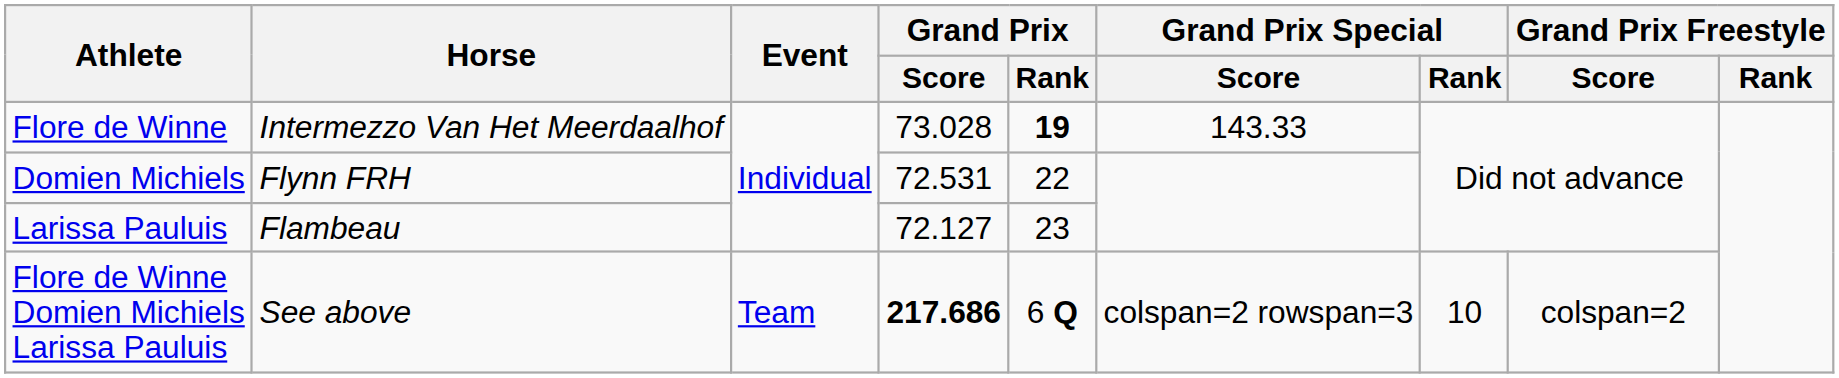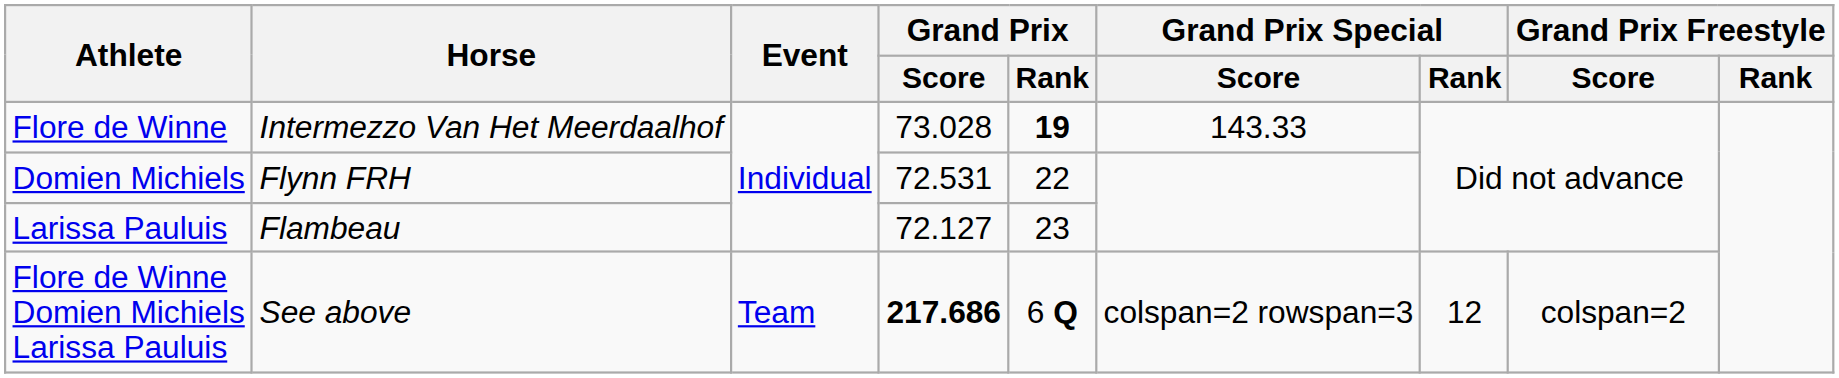 <table class=wikitable style="font-size:90%; text-align:center;">
 <tr>
 <th rowspan=2>Athlete</th>
 <th rowspan=2>Horse</th>
 <th rowspan=2>Event</th>
 <th colspan=2>Grand Prix</th>
 <th colspan=2>Grand Prix Special</th>
 <th colspan=2>Grand Prix Freestyle</th>
 </tr>
 <tr style=font-size:95%>
 <th>Score</th>
 <th>Rank</th>
 <th>Score</th>
 <th>Rank</th>
 <th>Score</th>
 <th>Rank</th>
 </tr>
 <tr>
 <td align=left><a href='#'>Flore de Winne</a></td>
 <td align=left><em>Intermezzo Van Het Meerdaalhof</em></td>
 <td rowspan=3 align=left><a href='#'>Individual</a></td>
 <td>73.028</td>
 <td><strong>19</strong></td>
 <td>143.33</td>
 <td rowspan=3 colspan=2>Did not advance</td>
 </tr>
 <tr>
 <td align=left><a href='#'>Domien Michiels</a></td>
 <td align=left><em>Flynn FRH</em></td>
 <td>72.531</td>
 <td>22</td>
 </tr>
 <tr>
 <td align=left><a href='#'>Larissa Pauluis</a></td>
 <td align=left><em>Flambeau</em></td>
 <td>72.127</td>
 <td>23</td>
 </tr>
 <tr>
 <td align=left><a href='#'>Flore de Winne</a><br><a href='#'>Domien Michiels</a><br><a href='#'>Larissa Pauluis</a></td>
 <td align=left><em>See above</em></td>
 <td align=left><a href='#'>Team</a></td>
 <td><strong>217.686</strong></td>
 <td>6 <strong>Q</strong></td>
 <td>colspan=2 rowspan=3 </td>
-<td>10</td>
+<td>12</td>
 <td>colspan=2 </td>
 </tr>
 </table>
